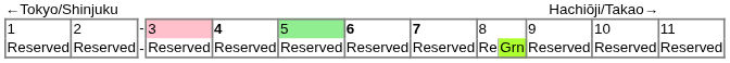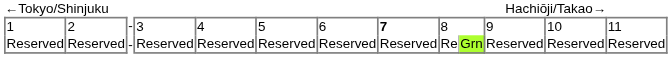 <table table border=0 cellspacing=0 cellpadding=1>
 <tr>
 <td colspan=6 align=lift>←Tokyo/Shinjuku</td>
 <td colspan="6" style="text-align:right;">Hachiōji/Takao→</td>
 </tr>
 <tr>
 <td style="width:40px; border-top:solid 2px gray; border-left:solid 2px gray; border-right:solid 2px gray;">1</td>
 <td style="width:40px; border-top:solid 2px gray; border-right:solid 2px gray;">2</td>
 <td style="width:1px;; border-right:solid 2px gray;">-</td>
-<td style="background: pink; width:40px; border-top:solid 2px gray; border-right:solid 2px gray;">3</td>
-<td style="width:40px; border-top:solid 2px gray; border-right:solid 2px gray;"><strong>4</strong></td>
-<td style="background: lightgreen; width:40px; border-top:solid 2px gray; border-right:solid 2px gray;">5</td>
-<td style="width:40px; border-top:solid 2px gray; border-right:solid 2px gray;"><strong>6</strong></td>
+<td style="width:40px; border-top:solid 2px gray; border-right:solid 2px gray;">3</td>
+<td style="width:40px; border-top:solid 2px gray; border-right:solid 2px gray;">4</td>
+<td style="width:40px; border-top:solid 2px gray; border-right:solid 2px gray;">5</td>
+<td style="width:40px; border-top:solid 2px gray; border-right:solid 2px gray;">6</td>
 <td style="width:40px; border-top:solid 2px gray; border-right:solid 2px gray;"><strong>7</strong></td>
 <td style="border-top:solid 2px gray; border-right:solid 2px gray;" colspan=2>8</td>
 <td style="width:40px; border-top:solid 2px gray; border-right:solid 2px gray;">9</td>
 <td style="width:40px; border-top:solid 2px gray; border-right:solid 2px gray;">10</td>
 <td style="width:40px; border-top:solid 2px gray; border-right:solid 2px gray;">11</td>
 </tr>
 <tr>
 <td style="border-bottom:solid 2px gray; border-left:solid 2px gray; border-right:solid 2px gray;">Reserved</td>
 <td style="border-bottom:solid 2px gray; border-right:solid 2px gray;">Reserved</td>
 <td style="width:1px;; border-right:solid 2px gray;">-</td>
 <td style="border-bottom:solid 2px gray; border-right:solid 2px gray;">Reserved</td>
 <td style="border-bottom:solid 2px gray; border-right:solid 2px gray;">Reserved</td>
 <td style="border-bottom:solid 2px gray; border-right:solid 2px gray;">Reserved</td>
 <td style="border-bottom:solid 2px gray; border-right:solid 2px gray;">Reserved</td>
 <td style="border-bottom:solid 2px gray; border-right:solid 2px gray;">Reserved</td>
 <td style="width:20px; border-bottom:solid 2px gray; border-right:solid 1px gray;">Re</td>
 <td style="border-bottom:solid 2px gray; border-right:solid 2px gray; width:20px; background:greenyellow;">Grn</td>
 <td style="border-bottom:solid 2px gray; border-right:solid 2px gray;">Reserved</td>
 <td style="border-bottom:solid 2px gray; border-right:solid 2px gray;">Reserved</td>
 <td style="border-bottom:solid 2px gray; border-right:solid 2px gray;">Reserved</td>
 </tr>
 </table>
